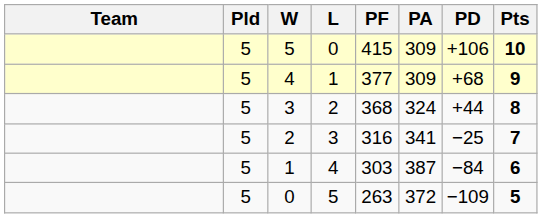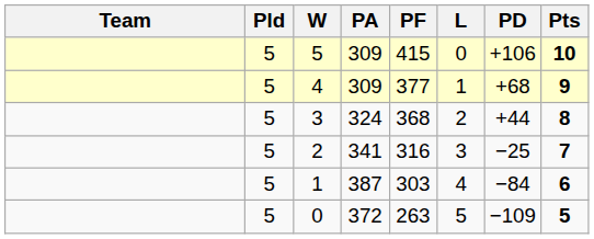 <table class=wikitable style="text-align:center">
 <tr>
 <th width=180>Team</th>
 <th width=30>Pld</th>
 <th width=30>W</th>
+<th width=30>PA</th>
+<th width=30>PF</th>
 <th width=30>L</th>
-<th width=30>PF</th>
-<th width=30>PA</th>
 <th width=30>PD</th>
 <th width=30>Pts</th>
 </tr>
 <tr align=center bgcolor="#ffffcc">
 <td align=left></td>
 <td>5</td>
 <td>5</td>
+<td>309</td>
+<td>415</td>
 <td>0</td>
-<td>415</td>
-<td>309</td>
 <td>+106</td>
 <td><strong>10</strong></td>
 </tr>
 <tr align=center bgcolor="#ffffcc">
 <td align=left></td>
 <td>5</td>
 <td>4</td>
+<td>309</td>
+<td>377</td>
 <td>1</td>
-<td>377</td>
-<td>309</td>
 <td>+68</td>
 <td><strong>9</strong></td>
 </tr>
 <tr>
 <td align=left></td>
 <td>5</td>
 <td>3</td>
+<td>324</td>
+<td>368</td>
 <td>2</td>
-<td>368</td>
-<td>324</td>
 <td>+44</td>
 <td><strong>8</strong></td>
 </tr>
 <tr>
 <td align=left></td>
 <td>5</td>
 <td>2</td>
+<td>341</td>
+<td>316</td>
 <td>3</td>
-<td>316</td>
-<td>341</td>
 <td>−25</td>
 <td><strong>7</strong></td>
 </tr>
 <tr>
 <td align=left></td>
 <td>5</td>
 <td>1</td>
+<td>387</td>
+<td>303</td>
 <td>4</td>
-<td>303</td>
-<td>387</td>
 <td>−84</td>
 <td><strong>6</strong></td>
 </tr>
 <tr>
 <td align=left></td>
 <td>5</td>
 <td>0</td>
+<td>372</td>
+<td>263</td>
 <td>5</td>
-<td>263</td>
-<td>372</td>
 <td>−109</td>
 <td><strong>5</strong></td>
 </tr>
 </table>
